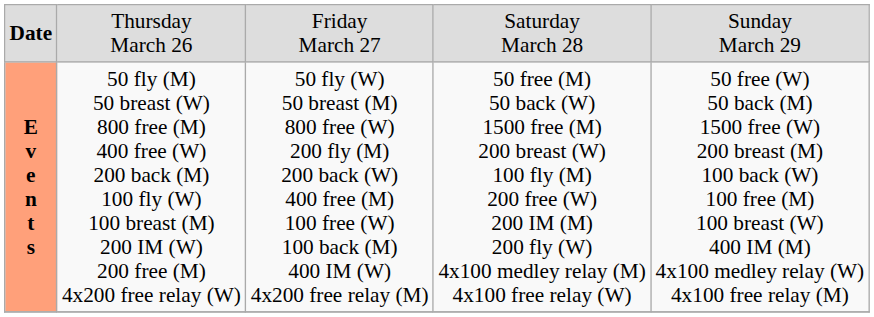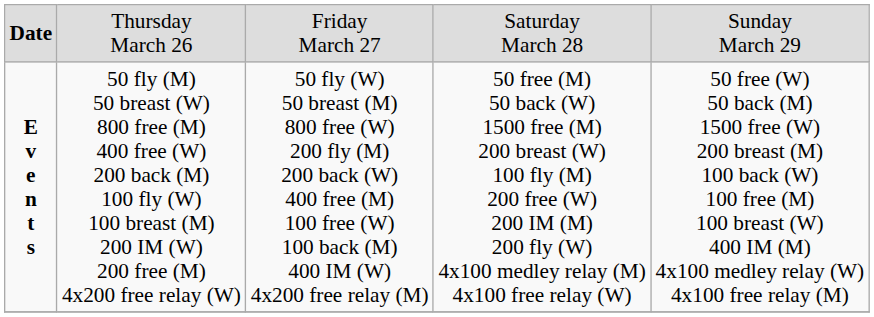 <table class=wikitable style="text-align:center">
 <tr>
 <td bgcolor=#DDDDDD><strong>Date</strong></td>
 <td bgcolor=#DDDDDD>Thursday <br> March 26</td>
 <td bgcolor=#DDDDDD>Friday <br> March 27</td>
 <td bgcolor=#DDDDDD>Saturday <br> March 28</td>
 <td bgcolor=#DDDDDD>Sunday <br> March 29</td>
 </tr>
 <tr>
-<td style="background: lightsalmon;"><strong>E<br>v<br>e<br>n<br>t<br>s</strong></td>
+<td><strong>E<br>v<br>e<br>n<br>t<br>s</strong></td>
 <td>50 fly (M) <br> 50 breast (W) <br> 800 free (M) <br> 400 free (W) <br> 200 back (M) <br> 100 fly (W) <br> 100 breast (M) <br> 200 IM (W) <br> 200 free (M) <br> 4x200 free relay (W)</td>
 <td>50 fly (W) <br> 50 breast (M) <br> 800 free (W) <br> 200 fly (M) <br> 200 back (W) <br> 400 free (M) <br> 100 free (W) <br> 100 back (M) <br> 400 IM (W) <br> 4x200 free relay (M)</td>
 <td>50 free (M) <br> 50 back (W) <br> 1500 free (M) <br> 200 breast (W) <br> 100 fly (M) <br> 200 free (W) <br> 200 IM (M) <br> 200 fly (W) <br> 4x100 medley relay (M) <br> 4x100 free relay (W)</td>
 <td>50 free (W) <br> 50 back (M) <br> 1500 free (W) <br> 200 breast (M) <br> 100 back (W) <br> 100 free (M) <br> 100 breast (W) <br> 400 IM (M) <br> 4x100 medley relay (W) <br> 4x100 free relay (M)</td>
 </tr>
 <tr>
 </tr>
 </table>
